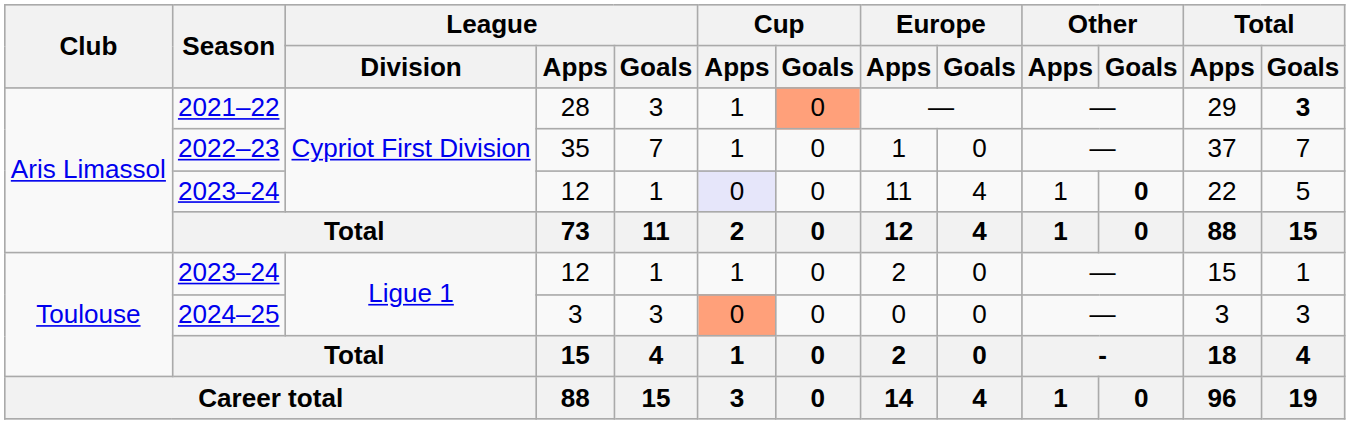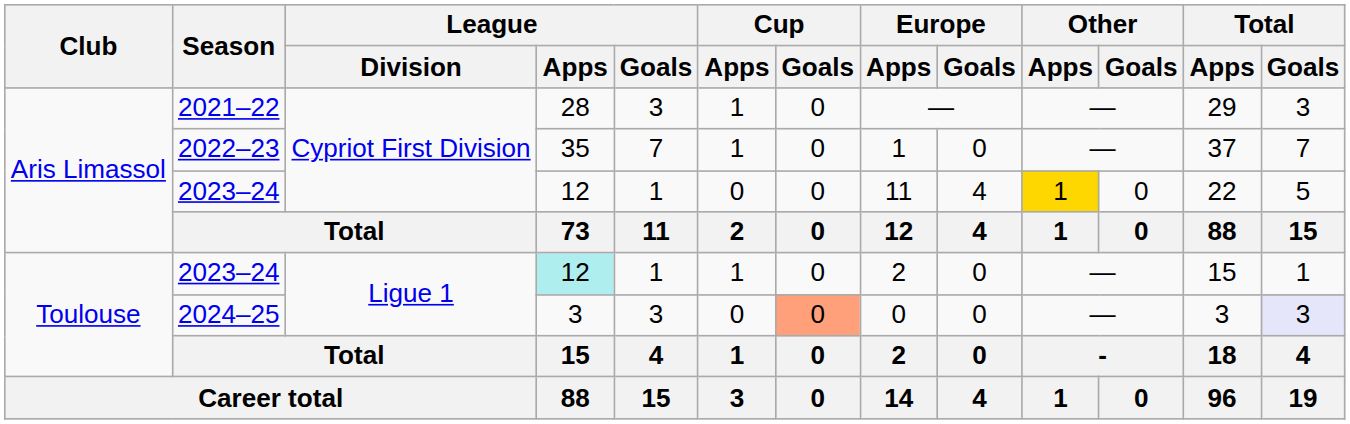 <table class="wikitable" style="text-align:center">
 <tr>
 <th rowspan="2">Club</th>
 <th rowspan="2">Season</th>
 <th colspan="3">League</th>
 <th colspan="2">Cup</th>
 <th colspan="2">Europe</th>
 <th colspan="2">Other</th>
 <th colspan="2">Total</th>
 </tr>
 <tr>
 <th>Division</th>
 <th>Apps</th>
 <th>Goals</th>
 <th>Apps</th>
 <th>Goals</th>
 <th>Apps</th>
 <th>Goals</th>
 <th>Apps</th>
 <th>Goals</th>
 <th>Apps</th>
 <th>Goals</th>
 </tr>
 <tr>
 <td rowspan="4"><a href='#'>Aris Limassol</a></td>
 <td><a href='#'>2021–22</a></td>
 <td rowspan="3"><a href='#'>Cypriot First Division</a></td>
 <td>28</td>
 <td>3</td>
 <td>1</td>
-<td style="background: lightsalmon;">0</td>
+<td>0</td>
 <td colspan="2">—</td>
 <td colspan="2">—</td>
 <td>29</td>
-<td><strong>3</strong></td>
+<td>3</td>
 </tr>
 <tr>
 <td><a href='#'>2022–23</a></td>
 <td>35</td>
 <td>7</td>
 <td>1</td>
 <td>0</td>
 <td>1</td>
 <td>0</td>
 <td colspan="2">—</td>
 <td>37</td>
 <td>7</td>
 </tr>
 <tr>
 <td><a href='#'>2023–24</a></td>
 <td>12</td>
 <td>1</td>
-<td style="background: lavender;">0</td>
+<td>0</td>
 <td>0</td>
 <td>11</td>
 <td>4</td>
-<td>1</td>
-<td><strong>0</strong></td>
+<td style="background: gold;">1</td>
+<td>0</td>
 <td>22</td>
 <td>5</td>
 </tr>
 <tr>
 <th colspan="2">Total</th>
 <th>73</th>
 <th>11</th>
 <th>2</th>
 <th>0</th>
 <th>12</th>
 <th>4</th>
 <th>1</th>
 <th>0</th>
 <th>88</th>
 <th>15</th>
 </tr>
 <tr>
 <td rowspan="3"><a href='#'>Toulouse</a></td>
 <td><a href='#'>2023–24</a></td>
 <td rowspan="2"><a href='#'>Ligue 1</a></td>
-<td>12</td>
+<td style="background: paleturquoise;">12</td>
 <td>1</td>
 <td>1</td>
 <td>0</td>
 <td>2</td>
 <td>0</td>
 <td colspan="2">—</td>
 <td>15</td>
 <td>1</td>
 </tr>
 <tr>
 <td><a href='#'>2024–25</a></td>
 <td>3</td>
 <td>3</td>
+<td>0</td>
 <td style="background: lightsalmon;">0</td>
-<td>0</td>
 <td>0</td>
 <td>0</td>
 <td colspan="2">—</td>
 <td>3</td>
-<td>3</td>
+<td style="background: lavender;">3</td>
 </tr>
 <tr>
 <th colspan="2">Total</th>
 <th>15</th>
 <th>4</th>
 <th>1</th>
 <th>0</th>
 <th>2</th>
 <th>0</th>
 <th colspan="2">-</th>
 <th>18</th>
 <th>4</th>
 </tr>
 <tr>
 <th colspan="3">Career total</th>
 <th>88</th>
 <th>15</th>
 <th>3</th>
 <th>0</th>
 <th>14</th>
 <th>4</th>
 <th>1</th>
 <th>0</th>
 <th>96</th>
 <th>19</th>
 </tr>
 </table>
